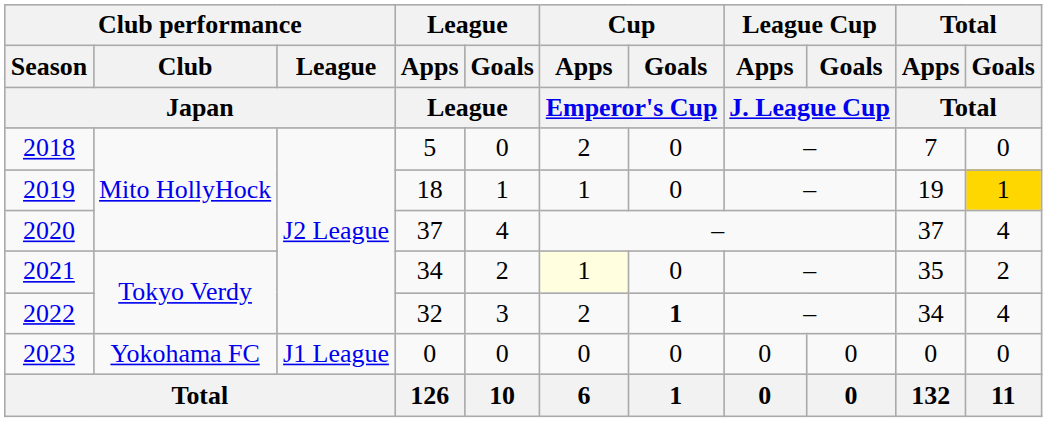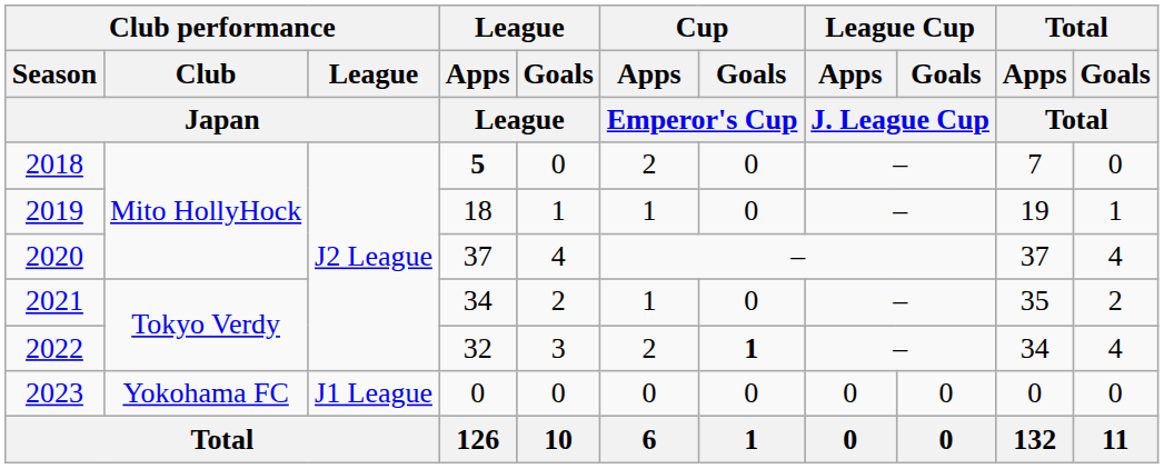 <table class="wikitable" style="text-align:center;">
 <tr>
 <th colspan=3>Club performance</th>
 <th colspan=2>League</th>
 <th colspan=2>Cup</th>
 <th colspan=2>League Cup</th>
 <th colspan=2>Total</th>
 </tr>
 <tr>
 <th>Season</th>
 <th>Club</th>
 <th>League</th>
 <th>Apps</th>
 <th>Goals</th>
 <th>Apps</th>
 <th>Goals</th>
 <th>Apps</th>
 <th>Goals</th>
 <th>Apps</th>
 <th>Goals</th>
 </tr>
 <tr>
 <th colspan=3>Japan</th>
 <th colspan=2>League</th>
 <th colspan=2><a href='#'>Emperor's Cup</a></th>
 <th colspan=2><a href='#'>J. League Cup</a></th>
 <th colspan=2>Total</th>
 </tr>
 <tr>
 <td><a href='#'>2018</a></td>
 <td rowspan="3"><a href='#'>Mito HollyHock</a></td>
 <td rowspan="5"><a href='#'>J2 League</a></td>
-<td>5</td>
+<td><strong>5</strong></td>
 <td>0</td>
 <td>2</td>
 <td>0</td>
 <td colspan=2>–</td>
 <td>7</td>
 <td>0</td>
 </tr>
 <tr>
 <td><a href='#'>2019</a></td>
 <td>18</td>
 <td>1</td>
 <td>1</td>
 <td>0</td>
 <td colspan=2>–</td>
 <td>19</td>
-<td style="background: gold;">1</td>
+<td>1</td>
 </tr>
 <tr>
 <td><a href='#'>2020</a></td>
 <td>37</td>
 <td>4</td>
 <td colspan="4">–</td>
 <td>37</td>
 <td>4</td>
 </tr>
 <tr>
 <td><a href='#'>2021</a></td>
 <td rowspan="2"><a href='#'>Tokyo Verdy</a></td>
 <td>34</td>
 <td>2</td>
-<td style="background: lightyellow;">1</td>
+<td>1</td>
 <td>0</td>
 <td colspan=2>–</td>
 <td>35</td>
 <td>2</td>
 </tr>
 <tr>
 <td><a href='#'>2022</a></td>
 <td>32</td>
 <td>3</td>
 <td>2</td>
 <td><strong>1</strong></td>
 <td colspan=2>–</td>
 <td>34</td>
 <td>4</td>
 </tr>
 <tr>
 <td><a href='#'>2023</a></td>
 <td rowspan="1"><a href='#'>Yokohama FC</a></td>
 <td rowspan="1"><a href='#'>J1 League</a></td>
 <td>0</td>
 <td>0</td>
 <td>0</td>
 <td>0</td>
 <td>0</td>
 <td>0</td>
 <td>0</td>
 <td>0</td>
 </tr>
 <tr>
 <th colspan="3">Total</th>
 <th>126</th>
 <th>10</th>
 <th>6</th>
 <th>1</th>
 <th>0</th>
 <th>0</th>
 <th>132</th>
 <th>11</th>
 </tr>
 </table>
